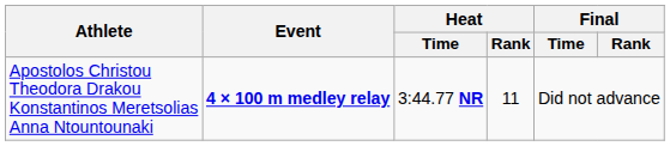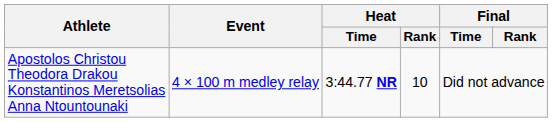 <table class=wikitable style="font-size:90%">
 <tr>
 <th rowspan=2>Athlete</th>
 <th rowspan=2>Event</th>
 <th colspan=2>Heat</th>
 <th colspan=2>Final</th>
 </tr>
 <tr style=font-size:95%>
 <th>Time</th>
 <th>Rank</th>
 <th>Time</th>
 <th>Rank</th>
 </tr>
 <tr align=center>
 <td align=left><a href='#'>Apostolos Christou</a><br><a href='#'>Theodora Drakou</a><br><a href='#'>Konstantinos Meretsolias</a><br><a href='#'>Anna Ntountounaki</a></td>
-<td align=left><strong><a href='#'>4 × 100 m medley relay</a></strong></td>
+<td align=left><a href='#'>4 × 100 m medley relay</a></td>
 <td>3:44.77 <strong><a href='#'>NR</a></strong></td>
-<td>11</td>
+<td>10</td>
 <td colspan="2">Did not advance</td>
 </tr>
 </table>
